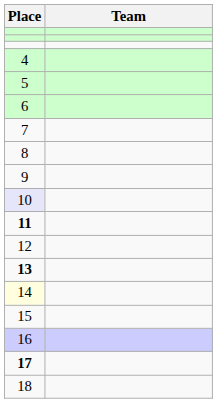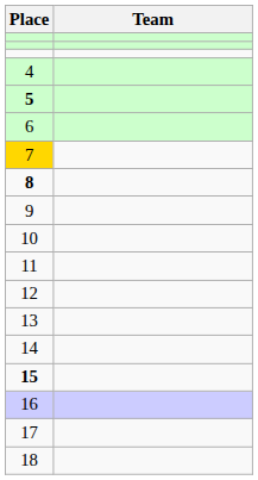 <table class="wikitable" style="text-align:center;">
 <tr>
 <th width=30>Place</th>
 <th width=175>Team</th>
 </tr>
 <tr bgcolor=ccffcc>
 <td></td>
 <td align="left"></td>
 </tr>
 <tr bgcolor=ccffcc>
 <td></td>
 <td align="left"></td>
 </tr>
 <tr>
 <td></td>
 <td align="left"></td>
 </tr>
 <tr bgcolor=ccffcc>
 <td>4</td>
 <td align="left"></td>
 </tr>
 <tr bgcolor=ccffcc>
-<td>5</td>
+<td><strong>5</strong></td>
 <td align="left"></td>
 </tr>
 <tr bgcolor=ccffcc>
 <td>6</td>
 <td align="left"></td>
 </tr>
 <tr>
-<td>7</td>
+<td style="background: gold;">7</td>
 <td align="left"></td>
 </tr>
 <tr>
-<td>8</td>
+<td><strong>8</strong></td>
 <td align="left"></td>
 </tr>
 <tr>
 <td>9</td>
 <td align="left"></td>
 </tr>
 <tr>
-<td style="background: lavender;">10</td>
+<td>10</td>
 <td align="left"></td>
 </tr>
 <tr>
-<td><strong>11</strong></td>
+<td>11</td>
 <td align="left"></td>
 </tr>
 <tr>
 <td>12</td>
 <td align="left"></td>
 </tr>
 <tr>
-<td><strong>13</strong></td>
+<td>13</td>
 <td align="left"></td>
 </tr>
 <tr>
-<td style="background: lightyellow;">14</td>
+<td>14</td>
 <td align="left"></td>
 </tr>
 <tr>
-<td>15</td>
+<td><strong>15</strong></td>
 <td align="left"></td>
 </tr>
 <tr bgcolor=ccccff>
 <td>16</td>
 <td align="left"></td>
 </tr>
 <tr>
-<td><strong>17</strong></td>
+<td>17</td>
 <td align="left"></td>
 </tr>
 <tr>
 <td>18</td>
 <td align="left"></td>
 </tr>
 </table>
